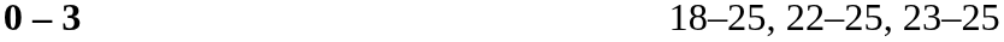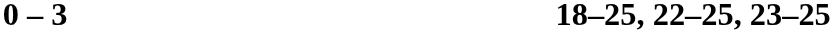 <table width=85% cellspacing=1>
 <tr>
 <th width=20%></th>
 <th width=12%></th>
 <th width=20%></th>
 <th width=33%></th>
 </tr>
 <tr style=font-size:90%>
 <td align=right></td>
 <td align=center><strong>0 – 3</strong></td>
 <td><strong></strong></td>
-<td>18–25, 22–25, 23–25</td>
+<td><strong>18–25, 22–25, 23–25</strong></td>
 </tr>
 </table>
